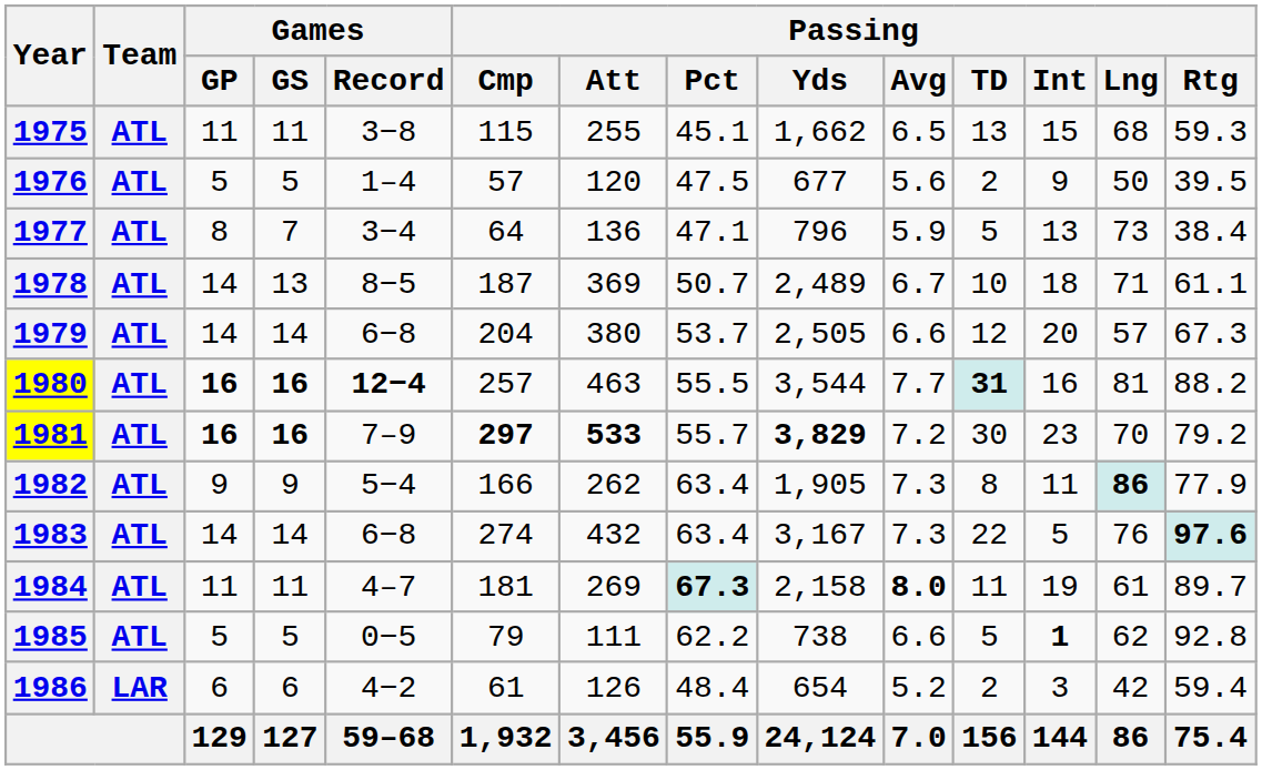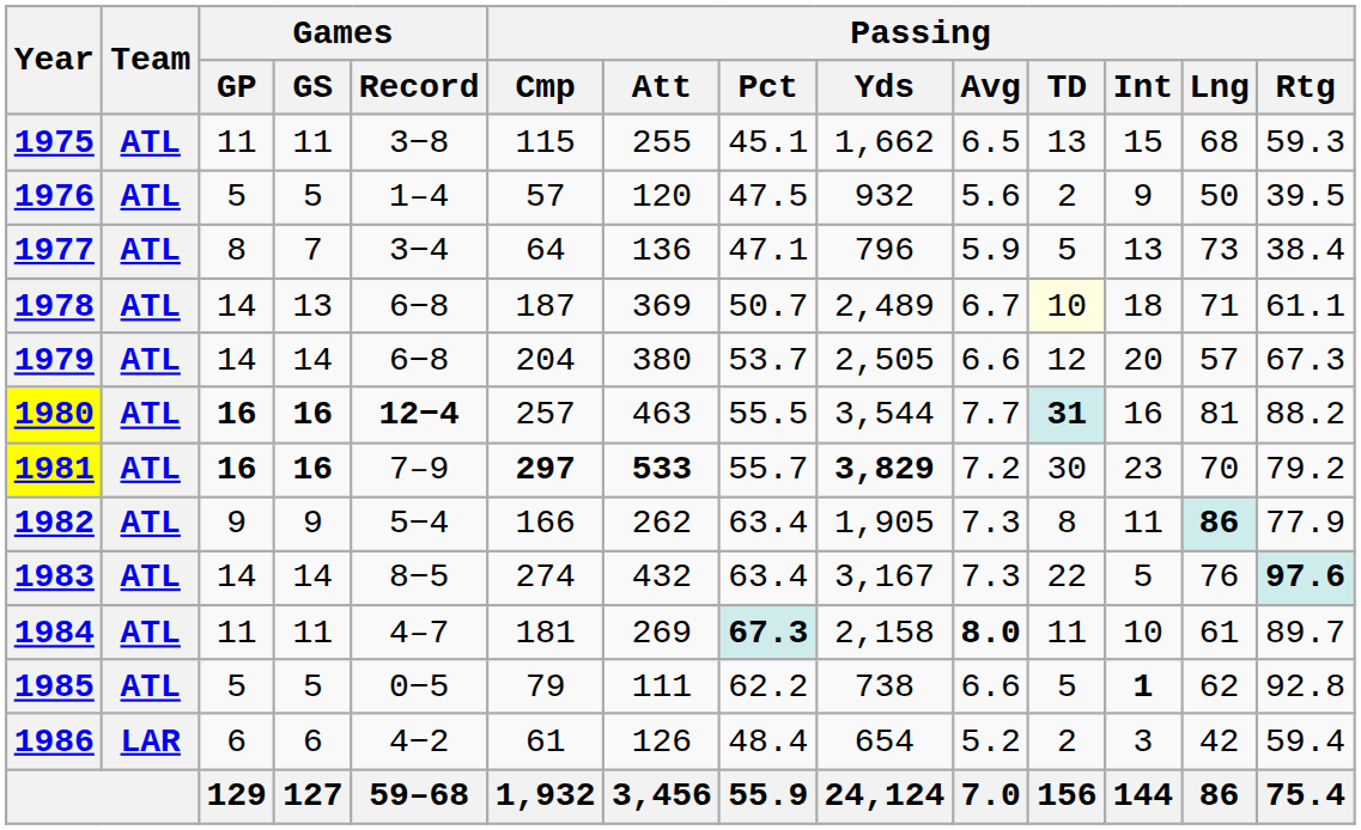 <table class="wikitable" style="text-align:center">
 <tr>
 <th rowspan="2">Year</th>
 <th rowspan="2">Team</th>
 <th colspan="3">Games</th>
 <th colspan="9">Passing</th>
 </tr>
 <tr>
 <th>GP</th>
 <th>GS</th>
 <th>Record</th>
 <th>Cmp</th>
 <th>Att</th>
 <th>Pct</th>
 <th>Yds</th>
 <th>Avg</th>
 <th>TD</th>
 <th>Int</th>
 <th>Lng</th>
 <th>Rtg</th>
 </tr>
 <tr>
 <th><a href='#'>1975</a></th>
 <th><a href='#'>ATL</a></th>
 <td>11</td>
 <td>11</td>
 <td>3−8</td>
 <td>115</td>
 <td>255</td>
 <td>45.1</td>
 <td>1,662</td>
 <td>6.5</td>
 <td>13</td>
 <td>15</td>
 <td>68</td>
 <td>59.3</td>
 </tr>
 <tr>
 <th><a href='#'>1976</a></th>
 <th><a href='#'>ATL</a></th>
 <td>5</td>
 <td>5</td>
 <td>1–4</td>
 <td>57</td>
 <td>120</td>
 <td>47.5</td>
-<td>677</td>
+<td>932</td>
 <td>5.6</td>
 <td>2</td>
 <td>9</td>
 <td>50</td>
 <td>39.5</td>
 </tr>
 <tr>
 <th><a href='#'>1977</a></th>
 <th><a href='#'>ATL</a></th>
 <td>8</td>
 <td>7</td>
 <td>3−4</td>
 <td>64</td>
 <td>136</td>
 <td>47.1</td>
 <td>796</td>
 <td>5.9</td>
 <td>5</td>
 <td>13</td>
 <td>73</td>
 <td>38.4</td>
 </tr>
 <tr>
 <th><a href='#'>1978</a></th>
 <th><a href='#'>ATL</a></th>
 <td>14</td>
 <td>13</td>
-<td>8−5</td>
+<td>6−8</td>
 <td>187</td>
 <td>369</td>
 <td>50.7</td>
 <td>2,489</td>
 <td>6.7</td>
-<td>10</td>
+<td style="background: lightyellow;">10</td>
 <td>18</td>
 <td>71</td>
 <td>61.1</td>
 </tr>
 <tr>
 <th><a href='#'>1979</a></th>
 <th><a href='#'>ATL</a></th>
 <td>14</td>
 <td>14</td>
 <td>6−8</td>
 <td>204</td>
 <td>380</td>
 <td>53.7</td>
 <td>2,505</td>
 <td>6.6</td>
 <td>12</td>
 <td>20</td>
 <td>57</td>
 <td>67.3</td>
 </tr>
 <tr>
 <th style="background:#ff0;"><a href='#'>1980</a></th>
 <th><a href='#'>ATL</a></th>
 <td><strong>16</strong></td>
 <td><strong>16</strong></td>
 <td><strong>12−4</strong></td>
 <td>257</td>
 <td>463</td>
 <td>55.5</td>
 <td>3,544</td>
 <td>7.7</td>
 <td style="background:#cfecec;"><strong>31</strong></td>
 <td>16</td>
 <td>81</td>
 <td>88.2</td>
 </tr>
 <tr>
 <th style="background:#ff0;"><a href='#'>1981</a></th>
 <th><a href='#'>ATL</a></th>
 <td><strong>16</strong></td>
 <td><strong>16</strong></td>
 <td>7–9</td>
 <td><strong>297</strong></td>
 <td><strong>533</strong></td>
 <td>55.7</td>
 <td><strong>3,829</strong></td>
 <td>7.2</td>
 <td>30</td>
 <td>23</td>
 <td>70</td>
 <td>79.2</td>
 </tr>
 <tr>
 <th><a href='#'>1982</a></th>
 <th><a href='#'>ATL</a></th>
 <td>9</td>
 <td>9</td>
 <td>5−4</td>
 <td>166</td>
 <td>262</td>
 <td>63.4</td>
 <td>1,905</td>
 <td>7.3</td>
 <td>8</td>
 <td>11</td>
 <td style="background:#cfecec;"><strong>86</strong></td>
 <td>77.9</td>
 </tr>
 <tr>
 <th><a href='#'>1983</a></th>
 <th><a href='#'>ATL</a></th>
 <td>14</td>
 <td>14</td>
-<td>6−8</td>
+<td>8−5</td>
 <td>274</td>
 <td>432</td>
 <td>63.4</td>
 <td>3,167</td>
 <td>7.3</td>
 <td>22</td>
 <td>5</td>
 <td>76</td>
 <td style="background:#cfecec;"><strong>97.6</strong></td>
 </tr>
 <tr>
 <th><a href='#'>1984</a></th>
 <th><a href='#'>ATL</a></th>
 <td>11</td>
 <td>11</td>
 <td>4–7</td>
 <td>181</td>
 <td>269</td>
 <td style="background:#cfecec;"><strong>67.3</strong></td>
 <td>2,158</td>
 <td><strong>8.0</strong></td>
 <td>11</td>
-<td>19</td>
+<td>10</td>
 <td>61</td>
 <td>89.7</td>
 </tr>
 <tr>
 <th><a href='#'>1985</a></th>
 <th><a href='#'>ATL</a></th>
 <td>5</td>
 <td>5</td>
 <td>0−5</td>
 <td>79</td>
 <td>111</td>
 <td>62.2</td>
 <td>738</td>
 <td>6.6</td>
 <td>5</td>
 <td><strong>1</strong></td>
 <td>62</td>
 <td>92.8</td>
 </tr>
 <tr>
 <th><a href='#'>1986</a></th>
 <th><a href='#'>LAR</a></th>
 <td>6</td>
 <td>6</td>
 <td>4−2</td>
 <td>61</td>
 <td>126</td>
 <td>48.4</td>
 <td>654</td>
 <td>5.2</td>
 <td>2</td>
 <td>3</td>
 <td>42</td>
 <td>59.4</td>
 </tr>
 <tr>
 <th colspan="2"></th>
 <th>129</th>
 <th>127</th>
 <th>59–68</th>
 <th>1,932</th>
 <th>3,456</th>
 <th>55.9</th>
 <th>24,124</th>
 <th>7.0</th>
 <th>156</th>
 <th>144</th>
 <th>86</th>
 <th>75.4</th>
 </tr>
 </table>
